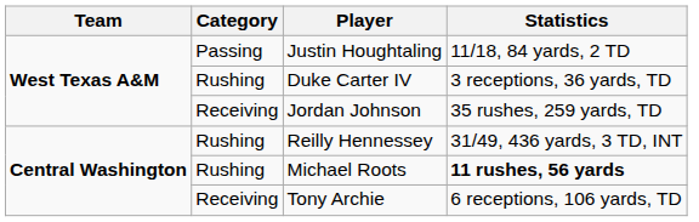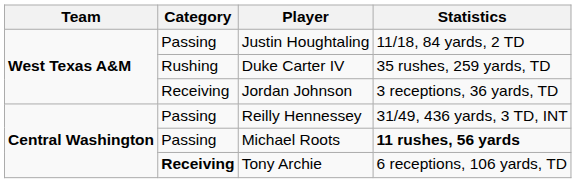 <table class="wikitable" style="float: left;">
 <tr>
 <th>Team</th>
 <th>Category</th>
 <th>Player</th>
 <th>Statistics</th>
 </tr>
 <tr>
 <td rowspan=3><strong>West Texas A&M</strong></td>
 <td>Passing</td>
 <td>Justin Houghtaling</td>
 <td>11/18, 84 yards, 2 TD</td>
 </tr>
 <tr>
 <td>Rushing</td>
 <td>Duke Carter IV</td>
-<td>3 receptions, 36 yards, TD</td>
+<td>35 rushes, 259 yards, TD</td>
 </tr>
 <tr>
 <td>Receiving</td>
 <td>Jordan Johnson</td>
-<td>35 rushes, 259 yards, TD</td>
+<td>3 receptions, 36 yards, TD</td>
 </tr>
 <tr>
 <td rowspan=3><strong>Central Washington</strong></td>
-<td>Rushing</td>
+<td>Passing</td>
 <td>Reilly Hennessey</td>
 <td>31/49, 436 yards, 3 TD, INT</td>
 </tr>
 <tr>
-<td>Rushing</td>
+<td>Passing</td>
 <td>Michael Roots</td>
 <td><strong>11 rushes, 56 yards</strong></td>
 </tr>
 <tr>
-<td>Receiving</td>
+<td><strong>Receiving</strong></td>
 <td>Tony Archie</td>
 <td>6 receptions, 106 yards, TD</td>
 </tr>
 </table>
